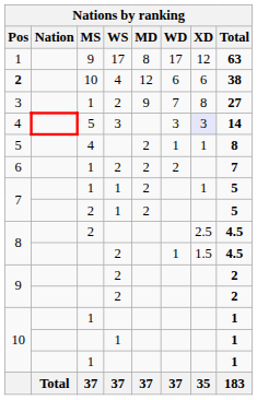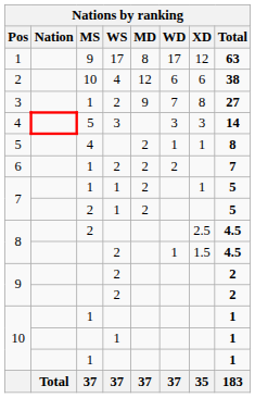 <table class="wikitable" style="text-align:center">
 <tr>
 <th colspan=10>Nations by ranking</th>
 </tr>
 <tr>
 <th>Pos</th>
 <th>Nation</th>
 <th>MS</th>
 <th>WS</th>
 <th>MD</th>
 <th>WD</th>
 <th>XD</th>
 <th>Total</th>
 </tr>
 <tr>
 <td>1</td>
 <td align=left></td>
 <td>9</td>
 <td>17</td>
 <td>8</td>
 <td>17</td>
 <td>12</td>
 <td><strong>63</strong></td>
 </tr>
 <tr>
-<td><strong>2</strong></td>
+<td>2</td>
 <td align=left></td>
 <td>10</td>
 <td>4</td>
 <td>12</td>
 <td>6</td>
 <td>6</td>
 <td><strong>38</strong></td>
 </tr>
 <tr>
 <td>3</td>
 <td align=left></td>
 <td>1</td>
 <td>2</td>
 <td>9</td>
 <td>7</td>
 <td>8</td>
 <td><strong>27</strong></td>
 </tr>
 <tr>
 <td>4</td>
 <td align=left style="border: 3px solid red"><strong></strong></td>
 <td>5</td>
 <td>3</td>
 <td></td>
 <td>3</td>
-<td style="background: lavender;">3</td>
+<td>3</td>
 <td><strong>14</strong></td>
 </tr>
 <tr>
 <td>5</td>
 <td align=left></td>
 <td>4</td>
 <td></td>
 <td>2</td>
 <td>1</td>
 <td>1</td>
 <td><strong>8</strong></td>
 </tr>
 <tr>
 <td>6</td>
 <td align=left></td>
 <td>1</td>
 <td>2</td>
 <td>2</td>
 <td>2</td>
 <td></td>
 <td><strong>7</strong></td>
 </tr>
 <tr>
 <td rowspan=2>7</td>
 <td align=left></td>
 <td>1</td>
 <td>1</td>
 <td>2</td>
 <td></td>
 <td>1</td>
 <td><strong>5</strong></td>
 </tr>
 <tr>
 <td align=left></td>
 <td>2</td>
 <td>1</td>
 <td>2</td>
 <td></td>
 <td></td>
 <td><strong>5</strong></td>
 </tr>
 <tr>
 <td rowspan=2>8</td>
 <td align=left></td>
 <td>2</td>
 <td></td>
 <td></td>
 <td></td>
 <td>2.5</td>
 <td><strong>4.5</strong></td>
 </tr>
 <tr>
 <td align=left></td>
 <td></td>
 <td>2</td>
 <td></td>
 <td>1</td>
 <td>1.5</td>
 <td><strong>4.5</strong></td>
 </tr>
 <tr>
 <td rowspan=2>9</td>
 <td align=left></td>
 <td></td>
 <td>2</td>
 <td></td>
 <td></td>
 <td></td>
 <td><strong>2</strong></td>
 </tr>
 <tr>
 <td align=left></td>
 <td></td>
 <td>2</td>
 <td></td>
 <td></td>
 <td></td>
 <td><strong>2</strong></td>
 </tr>
 <tr>
 <td rowspan=3>10</td>
 <td align=left></td>
 <td>1</td>
 <td></td>
 <td></td>
 <td></td>
 <td></td>
 <td><strong>1</strong></td>
 </tr>
 <tr>
 <td align=left></td>
 <td></td>
 <td>1</td>
 <td></td>
 <td></td>
 <td></td>
 <td><strong>1</strong></td>
 </tr>
 <tr>
 <td align=left></td>
 <td>1</td>
 <td></td>
 <td></td>
 <td></td>
 <td></td>
 <td><strong>1</strong></td>
 </tr>
 <tr align=center>
 <th></th>
 <th align=left>Total</th>
 <th>37</th>
 <th>37</th>
 <th>37</th>
 <th>37</th>
 <th>35</th>
 <th>183</th>
 </tr>
 </table>
